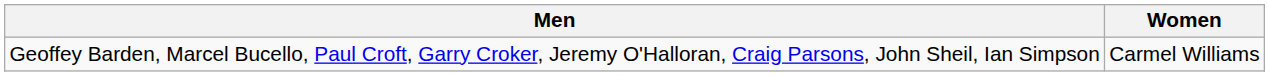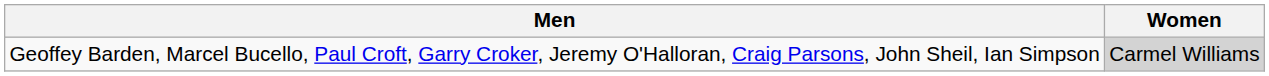 <table class="wikitable">
 <tr>
 <th>Men</th>
 <th>Women</th>
 </tr>
 <tr>
 <td>Geoffey Barden, Marcel Bucello, <a href='#'>Paul Croft</a>, <a href='#'>Garry Croker</a>, Jeremy O'Halloran, <a href='#'>Craig Parsons</a>, John Sheil, Ian Simpson</td>
-<td>Carmel Williams</td>
+<td style="background: lightgrey;">Carmel Williams</td>
 </tr>
 </table>
